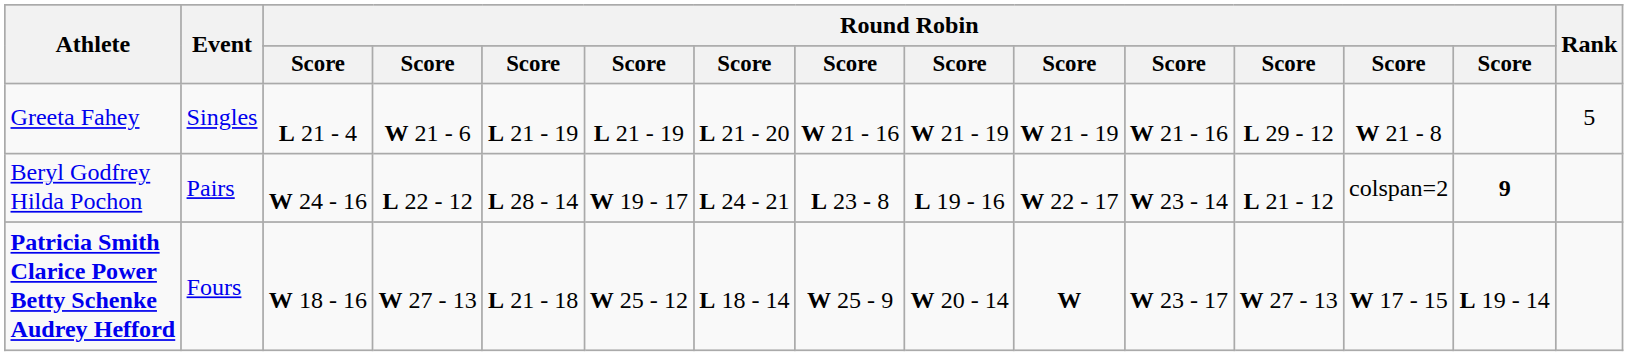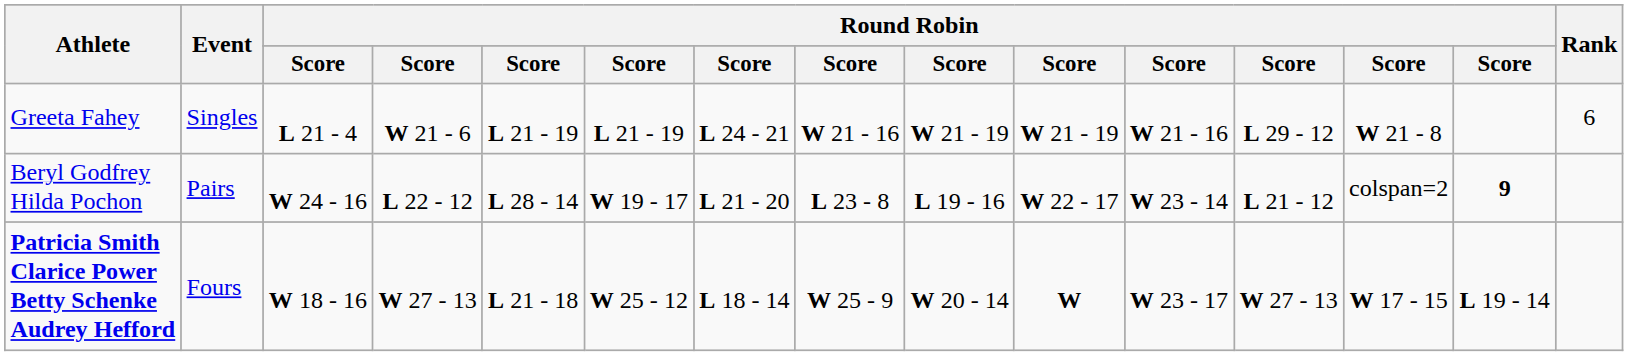 <table class="wikitable" style="font-size:88%; text-align:center">
 <tr>
 <th rowspan=2>Athlete</th>
 <th rowspan=2>Event</th>
 <th colspan=12>Round Robin</th>
 <th rowspan=2>Rank</th>
 </tr>
 <tr style="font-size:95%">
 <th>Score</th>
 <th>Score</th>
 <th>Score</th>
 <th>Score</th>
 <th>Score</th>
 <th>Score</th>
 <th>Score</th>
 <th>Score</th>
 <th>Score</th>
 <th>Score</th>
 <th>Score</th>
 <th>Score</th>
 </tr>
 <tr>
 <td align=left><a href='#'>Greeta Fahey</a></td>
 <td align=left><a href='#'>Singles</a></td>
 <td><br><strong>L</strong> 21 - 4</td>
 <td><br><strong>W</strong> 21 - 6</td>
 <td><br><strong>L</strong> 21 - 19</td>
 <td><br><strong>L</strong> 21 - 19</td>
-<td><br><strong>L</strong> 21 - 20</td>
+<td><br><strong>L</strong> 24 - 21</td>
 <td><br><strong>W</strong> 21 - 16</td>
 <td><br><strong>W</strong> 21 - 19</td>
 <td><br><strong>W</strong> 21 - 19</td>
 <td><br><strong>W</strong> 21 - 16</td>
 <td><br><strong>L</strong> 29 - 12</td>
 <td><br><strong>W</strong> 21 - 8</td>
 <td></td>
-<td>5</td>
+<td>6</td>
 </tr>
 <tr>
 <td align=left><a href='#'>Beryl Godfrey</a><br><a href='#'>Hilda Pochon</a></td>
 <td align=left><a href='#'>Pairs</a></td>
 <td><br><strong>W</strong> 24 - 16</td>
 <td><br><strong>L</strong> 22 - 12</td>
 <td><br><strong>L</strong> 28 - 14</td>
 <td><br><strong>W</strong> 19 - 17</td>
-<td><br><strong>L</strong> 24 - 21</td>
+<td><br><strong>L</strong> 21 - 20</td>
 <td><br><strong>L</strong> 23 - 8</td>
 <td><br><strong>L</strong> 19 - 16</td>
 <td><br><strong>W</strong> 22 - 17</td>
 <td><br><strong>W</strong> 23 - 14</td>
 <td><br><strong>L</strong> 21 - 12</td>
 <td>colspan=2 </td>
 <td><strong>9</strong></td>
 </tr>
 <tr align=centre>
 <td align=left><strong><a href='#'>Patricia Smith</a></strong><br><strong><a href='#'>Clarice Power</a></strong><br><strong><a href='#'>Betty Schenke</a></strong><br><strong><a href='#'>Audrey Hefford</a></strong></td>
 <td align=left><a href='#'>Fours</a></td>
 <td><br><strong>W</strong> 18 - 16</td>
 <td><br><strong>W</strong> 27 - 13</td>
 <td><br><strong>L</strong> 21 - 18</td>
 <td><br><strong>W</strong> 25 - 12</td>
 <td><br><strong>L</strong> 18 - 14</td>
 <td><br><strong>W</strong> 25 - 9</td>
 <td><br><strong>W</strong> 20 - 14</td>
 <td><br><strong>W</strong></td>
 <td><br><strong>W</strong> 23 - 17</td>
 <td><br><strong>W</strong> 27 - 13</td>
 <td><br><strong>W</strong> 17 - 15</td>
 <td><br><strong>L</strong> 19 - 14</td>
 <td></td>
 </tr>
 </table>
